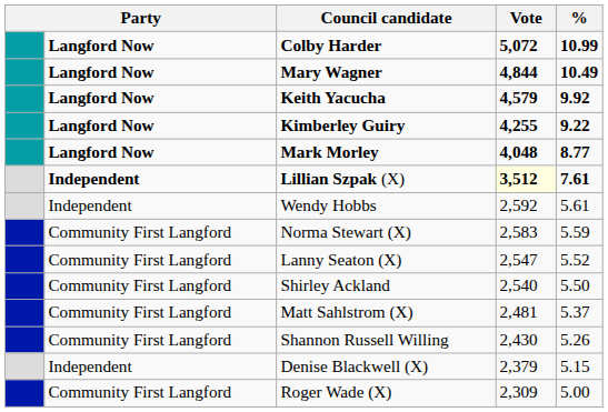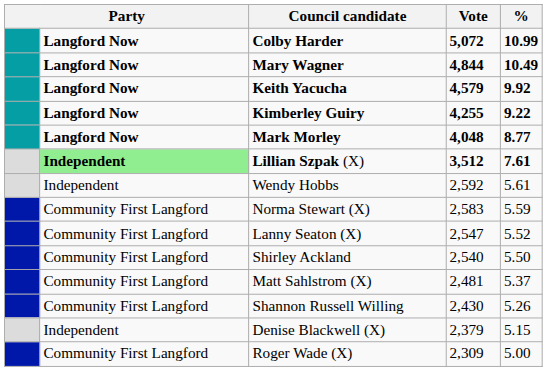 <table class="wikitable">
 <tr>
 <th width="250px" colspan="2">Party</th>
 <th width="200px">Council candidate</th>
 <th width="50px">Vote</th>
 <th width="30px">%</th>
 </tr>
 <tr>
 <td style="background:#059EA4;" width="30px"> </td>
 <td><strong>Langford Now</strong></td>
 <td><strong>Colby Harder</strong> </td>
 <td><strong>5,072</strong></td>
 <td><strong>10.99</strong></td>
 </tr>
 <tr>
 <td style="background:#059EA4;" width="30px"> </td>
 <td><strong>Langford Now</strong></td>
 <td><strong>Mary Wagner</strong> </td>
 <td><strong>4,844</strong></td>
 <td><strong>10.49</strong></td>
 </tr>
 <tr>
 <td style="background:#059EA4;" width="30px"> </td>
 <td><strong>Langford Now</strong></td>
 <td><strong>Keith Yacucha</strong> </td>
 <td><strong>4,579</strong></td>
 <td><strong>9.92</strong></td>
 </tr>
 <tr>
 <td style="background:#059EA4;" width="30px"> </td>
 <td><strong>Langford Now</strong></td>
 <td><strong>Kimberley Guiry</strong> </td>
 <td><strong>4,255</strong></td>
 <td><strong>9.22</strong></td>
 </tr>
 <tr>
 <td style="background:#059EA4;" width="30px"> </td>
 <td><strong>Langford Now</strong></td>
 <td><strong>Mark Morley</strong> </td>
 <td><strong>4,048</strong></td>
 <td><strong>8.77</strong></td>
 </tr>
 <tr>
 <td style="background:gainsboro" width="30px"> </td>
-<td><strong>Independent</strong></td>
+<td style="background: lightgreen;"><strong>Independent</strong></td>
 <td><strong>Lillian Szpak</strong> (X) </td>
-<td style="background: lightyellow;"><strong>3,512</strong></td>
+<td><strong>3,512</strong></td>
 <td><strong>7.61</strong></td>
 </tr>
 <tr>
 <td style="background:gainsboro" width="30px"> </td>
 <td>Independent</td>
 <td>Wendy Hobbs</td>
 <td>2,592</td>
 <td>5.61</td>
 </tr>
 <tr>
 <td style="background:#0018AA;" width="30px"> </td>
 <td>Community First Langford</td>
 <td>Norma Stewart (X)</td>
 <td>2,583</td>
 <td>5.59</td>
 </tr>
 <tr>
 <td style="background:#0018AA;" width="30px"> </td>
 <td>Community First Langford</td>
 <td>Lanny Seaton (X)</td>
 <td>2,547</td>
 <td>5.52</td>
 </tr>
 <tr>
 <td style="background:#0018AA;" width="30px"> </td>
 <td>Community First Langford</td>
 <td>Shirley Ackland</td>
 <td>2,540</td>
 <td>5.50</td>
 </tr>
 <tr>
 <td style="background:#0018AA;" width="30px"> </td>
 <td>Community First Langford</td>
 <td>Matt Sahlstrom (X)</td>
 <td>2,481</td>
 <td>5.37</td>
 </tr>
 <tr>
 <td style="background:#0018AA;" width="30px"> </td>
 <td>Community First Langford</td>
 <td>Shannon Russell Willing</td>
 <td>2,430</td>
 <td>5.26</td>
 </tr>
 <tr>
 <td style="background:gainsboro" width="30px"> </td>
 <td>Independent</td>
 <td>Denise Blackwell (X)</td>
 <td>2,379</td>
 <td>5.15</td>
 </tr>
 <tr>
 <td style="background:#0018AA;" width="30px"> </td>
 <td>Community First Langford</td>
 <td>Roger Wade (X)</td>
 <td>2,309</td>
 <td>5.00</td>
 </tr>
 </table>
